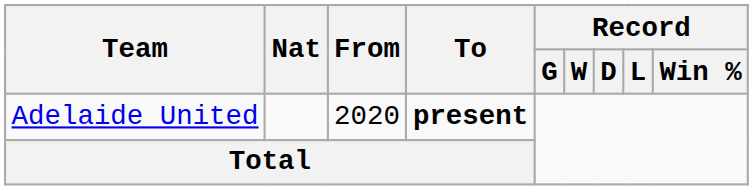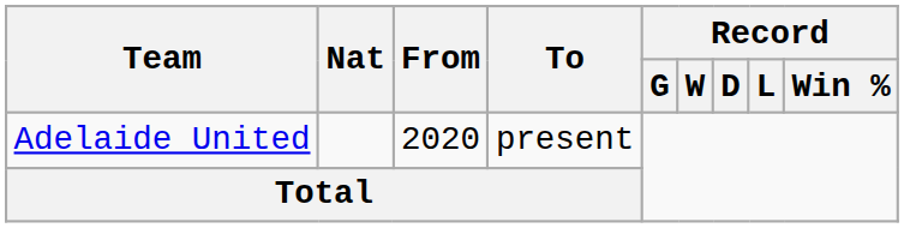 <table class="wikitable" style="text-align: center">
 <tr>
 <th rowspan="2">Team</th>
 <th rowspan="2">Nat</th>
 <th rowspan="2">From</th>
 <th rowspan="2">To</th>
 <th colspan="5">Record</th>
 </tr>
 <tr>
 <th>G</th>
 <th>W</th>
 <th>D</th>
 <th>L</th>
 <th>Win %</th>
 </tr>
 <tr>
 <td align=left><a href='#'>Adelaide United</a></td>
 <td></td>
 <td align=left>2020</td>
-<td align=left><strong>present<br></strong></td>
+<td align=left>present<br></td>
 </tr>
 <tr>
 <th colspan="4">Total<br></th>
 </tr>
 </table>
